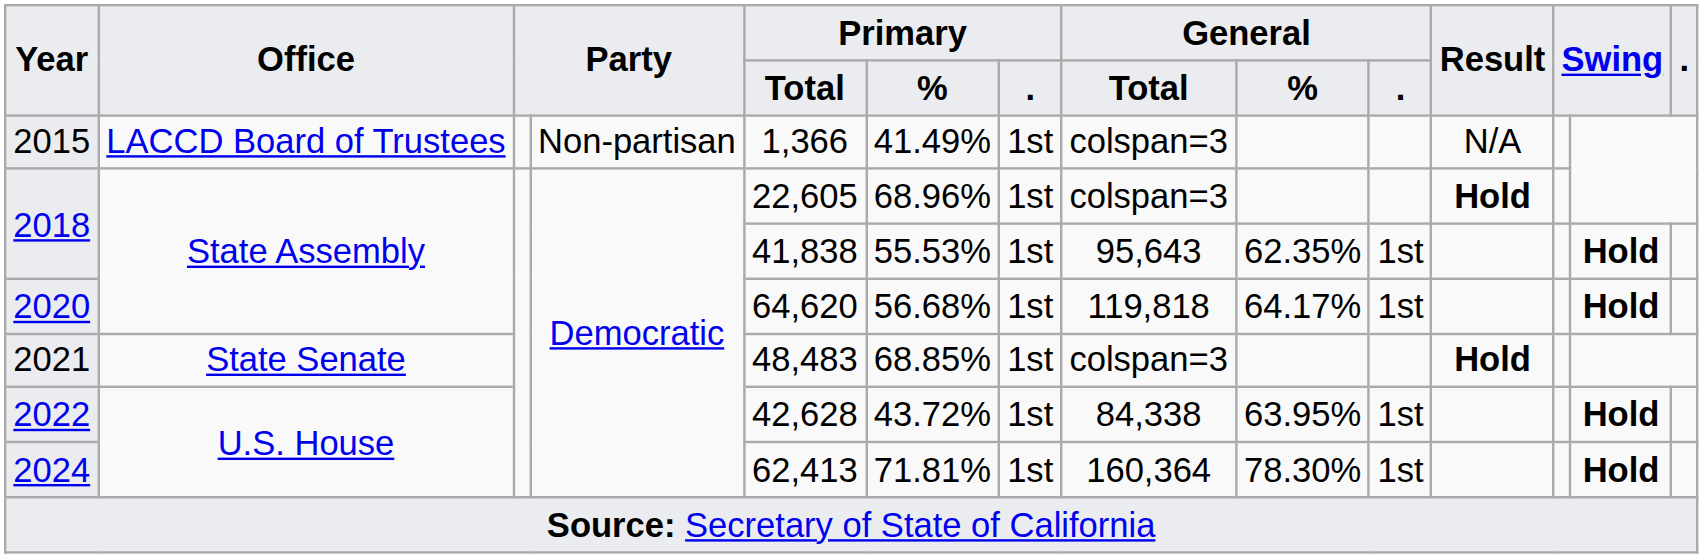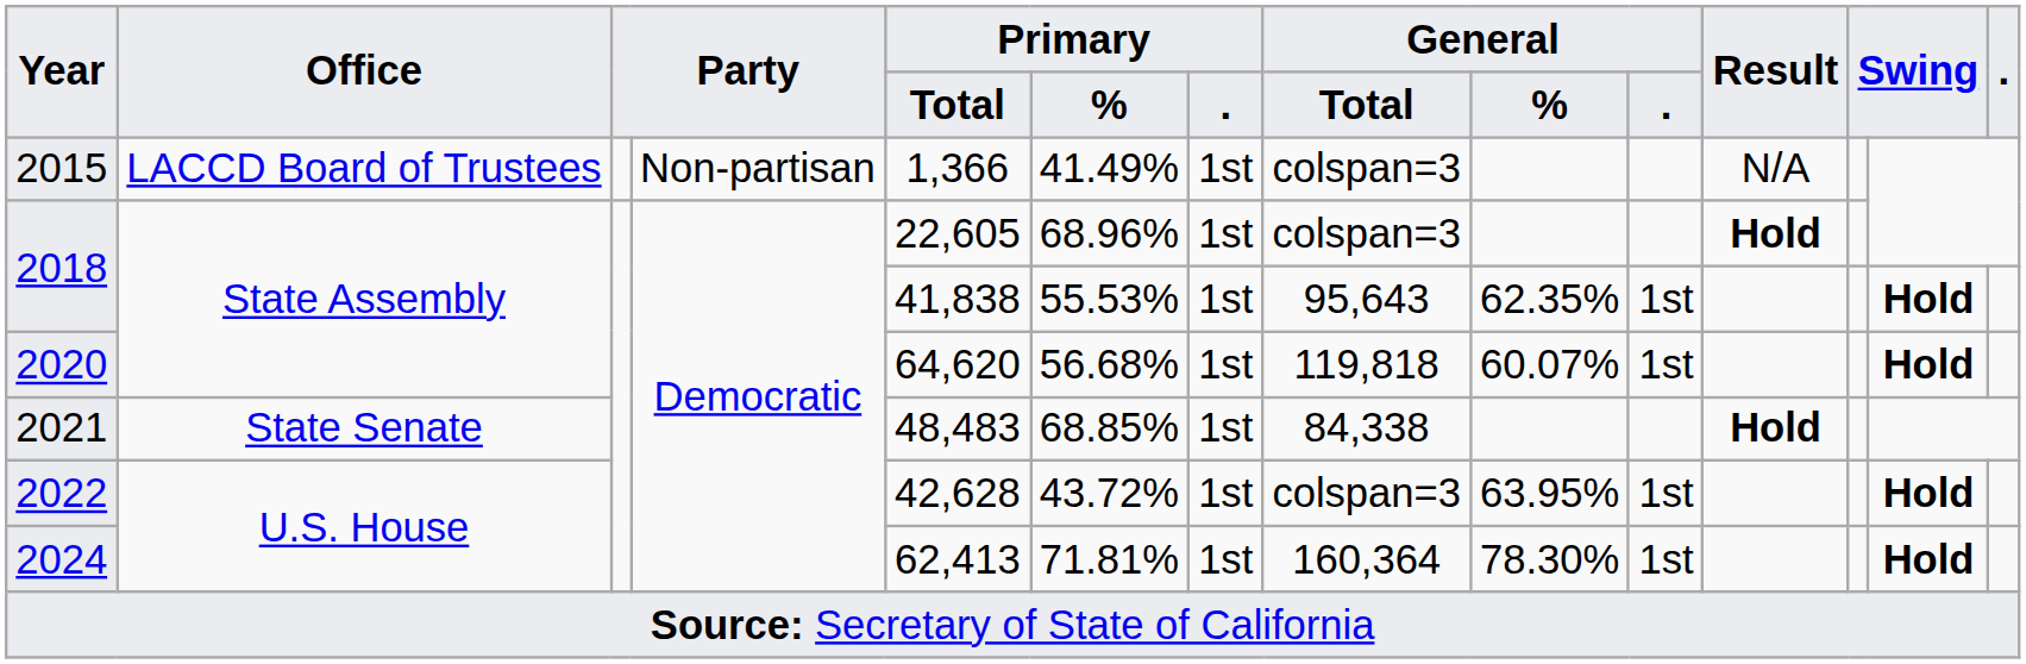 <table class="wikitable" style="font-size:90%; text-align:center;">
 <tr>
 <th style="background-color:#EAECF0;" rowspan=2>Year</th>
 <th style="background-color:#EAECF0;" rowspan=2>Office</th>
 <th style="background-color:#EAECF0;" colspan=2 rowspan=2>Party</th>
 <th style="background-color:#EAECF0;" colspan=3>Primary</th>
 <th style="background-color:#EAECF0;" colspan=3>General</th>
 <th style="background-color:#EAECF0;" rowspan=2>Result</th>
 <th style="background-color:#EAECF0;" colspan=2 rowspan=2><a href='#'>Swing</a></th>
 <th style="background-color:#EAECF0;" rowspan=2>.</th>
 </tr>
 <tr>
 <th style="background-color:#EAECF0;">Total</th>
 <th style="background-color:#EAECF0;">%</th>
 <th style="background-color:#EAECF0;">.</th>
 <th style="background-color:#EAECF0;">Total</th>
 <th style="background-color:#EAECF0;">%</th>
 <th style="background-color:#EAECF0;">.</th>
 </tr>
 <tr>
 <td style="background-color:#EAECF0;">2015</td>
 <td><a href='#'>LACCD Board of Trustees</a></td>
 <td style="background-color:"></td>
 <td>Non-partisan</td>
 <td>1,366</td>
 <td>41.49%</td>
 <td>1st</td>
 <td>colspan=3 </td>
 <td></td>
 <td style="background-color:"></td>
 <td>N/A</td>
 <td></td>
 </tr>
 <tr>
 <td rowspan=2 style="background-color:#EAECF0;"><a href='#'>2018</a></td>
 <td rowspan=3><a href='#'>State Assembly</a></td>
 <td rowspan=6 style="background-color:"></td>
 <td rowspan=6><a href='#'>Democratic</a></td>
 <td>22,605</td>
 <td>68.96%</td>
 <td>1st</td>
 <td>colspan=3 </td>
 <td></td>
 <td style="background-color:"></td>
 <td><strong>Hold</strong></td>
 <td></td>
 </tr>
 <tr>
 <td>41,838</td>
 <td>55.53%</td>
 <td>1st</td>
 <td>95,643</td>
 <td>62.35%</td>
 <td>1st</td>
 <td></td>
 <td style="background-color:"></td>
 <td><strong>Hold</strong></td>
 <td></td>
 </tr>
 <tr>
 <td style="background-color:#EAECF0;"><a href='#'>2020</a></td>
 <td>64,620</td>
 <td>56.68%</td>
 <td>1st</td>
 <td>119,818</td>
-<td>64.17%</td>
+<td>60.07%</td>
 <td>1st</td>
 <td></td>
 <td style="background-color:"></td>
 <td><strong>Hold</strong></td>
 <td></td>
 </tr>
 <tr>
 <td style="background-color:#EAECF0;">2021</td>
 <td><a href='#'>State Senate</a></td>
 <td>48,483</td>
 <td>68.85%</td>
 <td>1st</td>
-<td>colspan=3 </td>
+<td>84,338</td>
 <td></td>
 <td style="background-color:"></td>
 <td><strong>Hold</strong></td>
 <td></td>
 </tr>
 <tr>
 <td style="background-color:#EAECF0;"><a href='#'>2022</a></td>
 <td rowspan="2"><a href='#'>U.S. House</a></td>
 <td>42,628</td>
 <td>43.72%</td>
 <td>1st</td>
-<td>84,338</td>
+<td>colspan=3 </td>
 <td>63.95%</td>
 <td>1st</td>
 <td></td>
 <td style="background-color:"></td>
 <td><strong>Hold</strong></td>
 <td></td>
 </tr>
 <tr>
 <td style="background-color:#EAECF0;"><a href='#'>2024</a></td>
 <td>62,413</td>
 <td>71.81%</td>
 <td>1st</td>
 <td>160,364</td>
 <td>78.30%</td>
 <td>1st</td>
 <td></td>
 <td style="background-color:"></td>
 <td><strong>Hold</strong></td>
 <td></td>
 </tr>
 <tr>
 <td style="background-color:#EAECF0;" colspan=14><strong>Source:</strong> <a href='#'>Secretary of State of California</a>  </td>
 </tr>
 </table>
